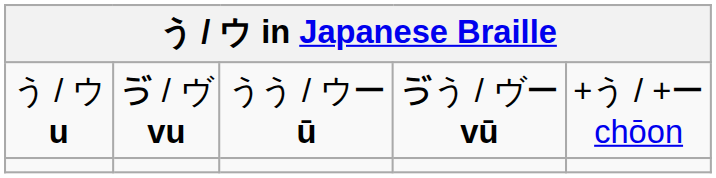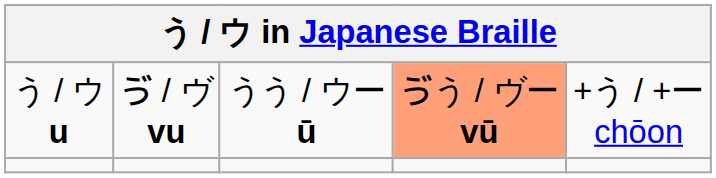 <table class="wikitable nowrap" style="text-align:center">
 <tr>
 <th colspan=5>う / ウ in <a href='#'>Japanese Braille</a></th>
 </tr>
 <tr>
 <td>う / ウ <br><strong>u</strong></td>
 <td>ゔ / ヴ <br><strong>vu</strong></td>
 <td>うう / ウー <br><strong>ū</strong></td>
-<td>ゔう / ヴー <br><strong>vū</strong></td>
+<td style="background: lightsalmon;">ゔう / ヴー <br><strong>vū</strong></td>
 <td>+う / +ー <br><a href='#'>chōon</a></td>
 </tr>
 <tr>
 <td></td>
 <td></td>
 <td></td>
 <td></td>
 <td></td>
 </tr>
 </table>
